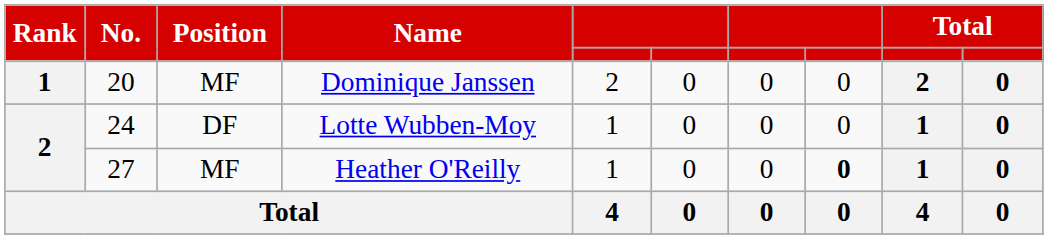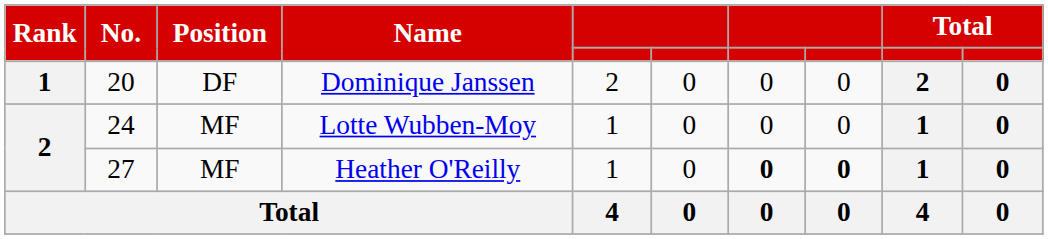 <table class="wikitable" style="text-align:center; font-size:100%; ">
 <tr>
 <th style="background:#d50000; color:white; text-align:center; width:40px" rowspan="2">Rank</th>
 <th style="background:#d50000; color:white; text-align:center; width:40px" rowspan="2">No.</th>
 <th rowspan="2" style="background:#d50000; color:white; text-align:center; width:70px">Position</th>
 <th style="background:#d50000; color:white; text-align:center; width:200px" rowspan="2">Name</th>
 <th style="background:#d50000; color:white; text-align:center;" colspan="2"><a href='#'></a></th>
 <th style="background:#d50000; color:white; text-align:center;" colspan="2"><a href='#'></a></th>
 <th style="background:#d50000; color:white; text-align:center;" colspan="2">Total</th>
 </tr>
 <tr>
 <th style="background:#d50000; color:white; text-align:center; width:50px;"></th>
 <th style="background:#d50000; color:white; text-align:center; width:50px;"></th>
 <th style="background:#d50000; color:white; text-align:center; width:50px;"></th>
 <th style="background:#d50000; color:white; text-align:center; width:50px;"></th>
 <th style="background:#d50000; color:white; text-align:center; width:50px;"></th>
 <th style="background:#d50000; color:white; text-align:center; width:50px;"></th>
 </tr>
 <tr>
 <th>1</th>
 <td>20</td>
-<td>MF</td>
+<td>DF</td>
 <td> <a href='#'>Dominique Janssen</a></td>
 <td>2</td>
 <td>0</td>
 <td>0</td>
 <td>0</td>
 <th>2</th>
 <th>0</th>
 </tr>
 <tr>
 <th rowspan="2">2</th>
 <td>24</td>
-<td>DF</td>
+<td>MF</td>
 <td> <a href='#'>Lotte Wubben-Moy</a></td>
 <td>1</td>
 <td>0</td>
 <td>0</td>
 <td>0</td>
 <th>1</th>
 <th>0</th>
 </tr>
 <tr>
 <td>27</td>
 <td>MF</td>
 <td> <a href='#'>Heather O'Reilly</a></td>
 <td>1</td>
 <td>0</td>
-<td>0</td>
+<td><strong>0</strong></td>
 <td><strong>0</strong></td>
 <th>1</th>
 <th>0</th>
 </tr>
 <tr>
 <th colspan="4">Total</th>
 <th>4</th>
 <th>0</th>
 <th>0</th>
 <th>0</th>
 <th>4</th>
 <th>0</th>
 </tr>
 </table>
